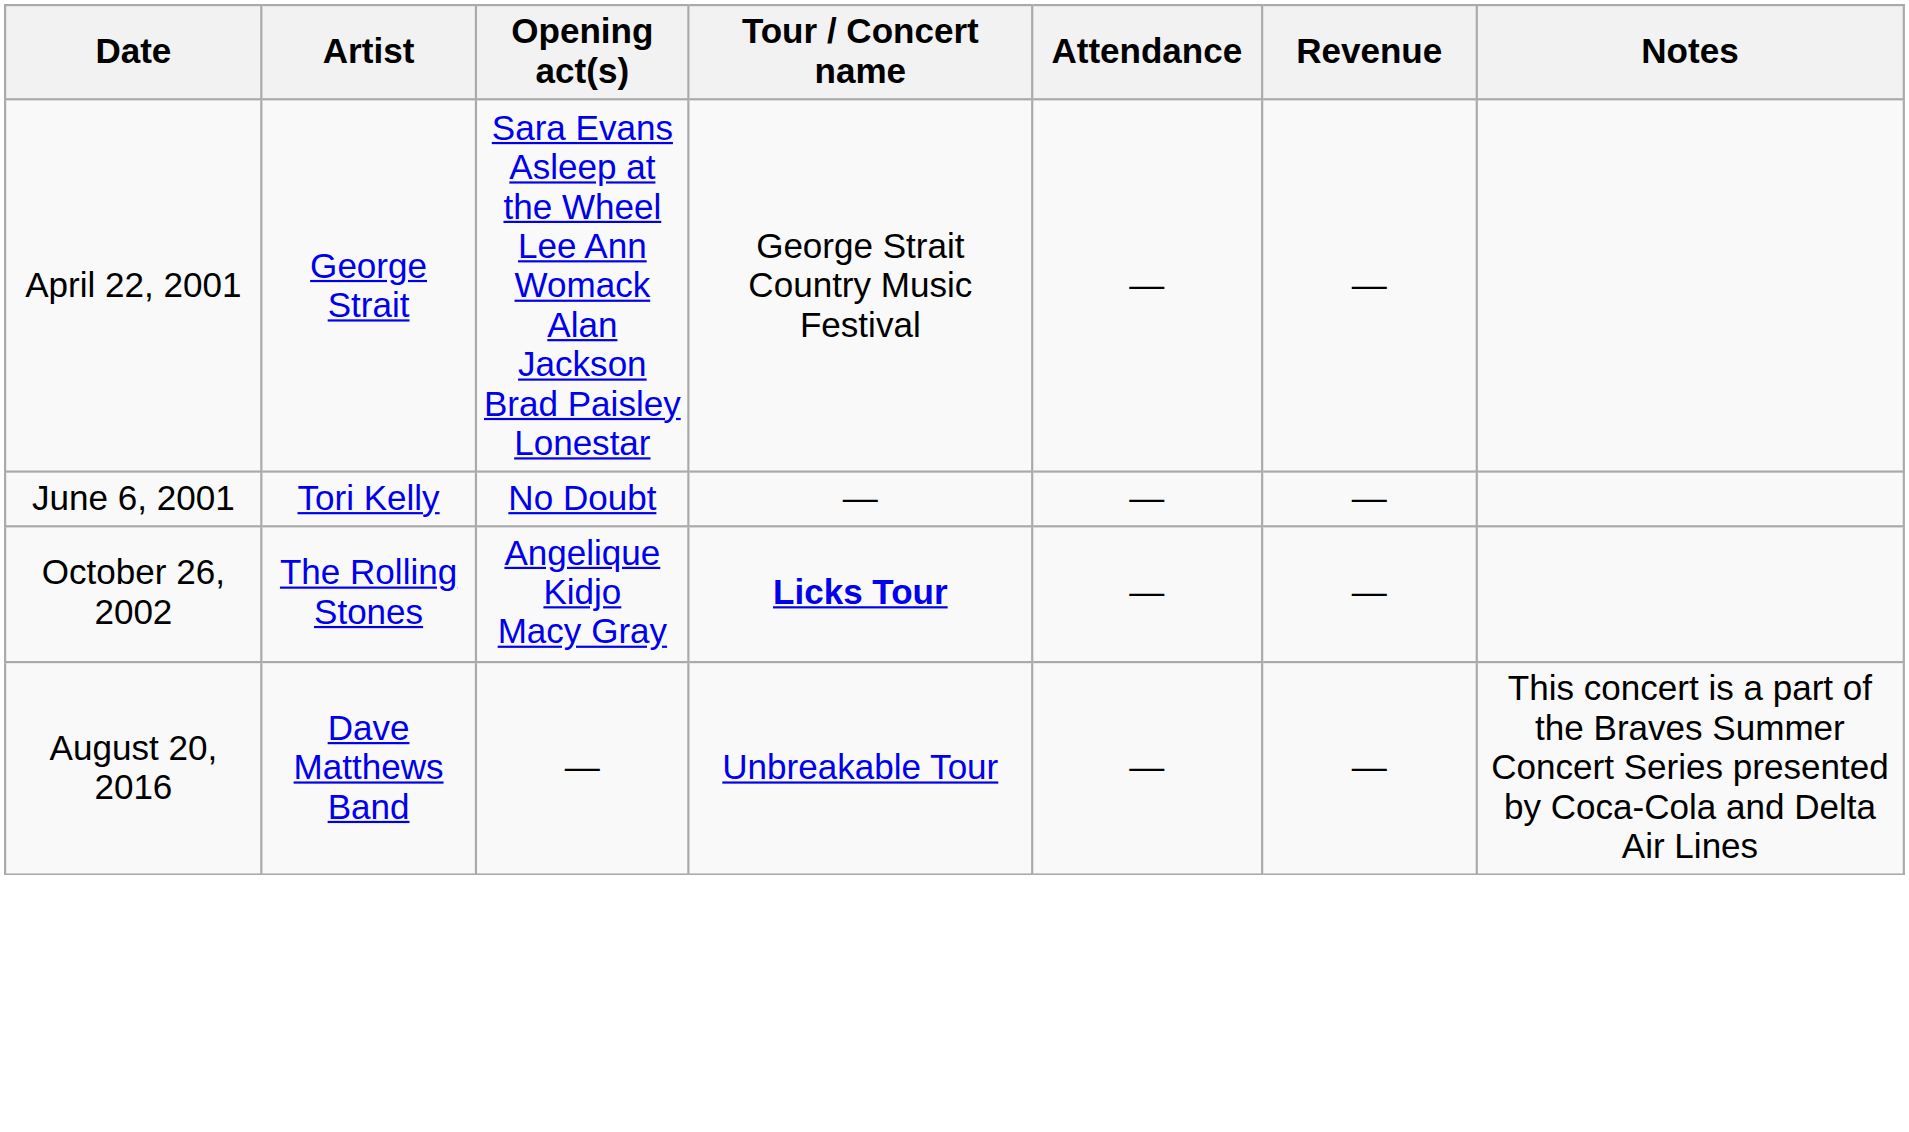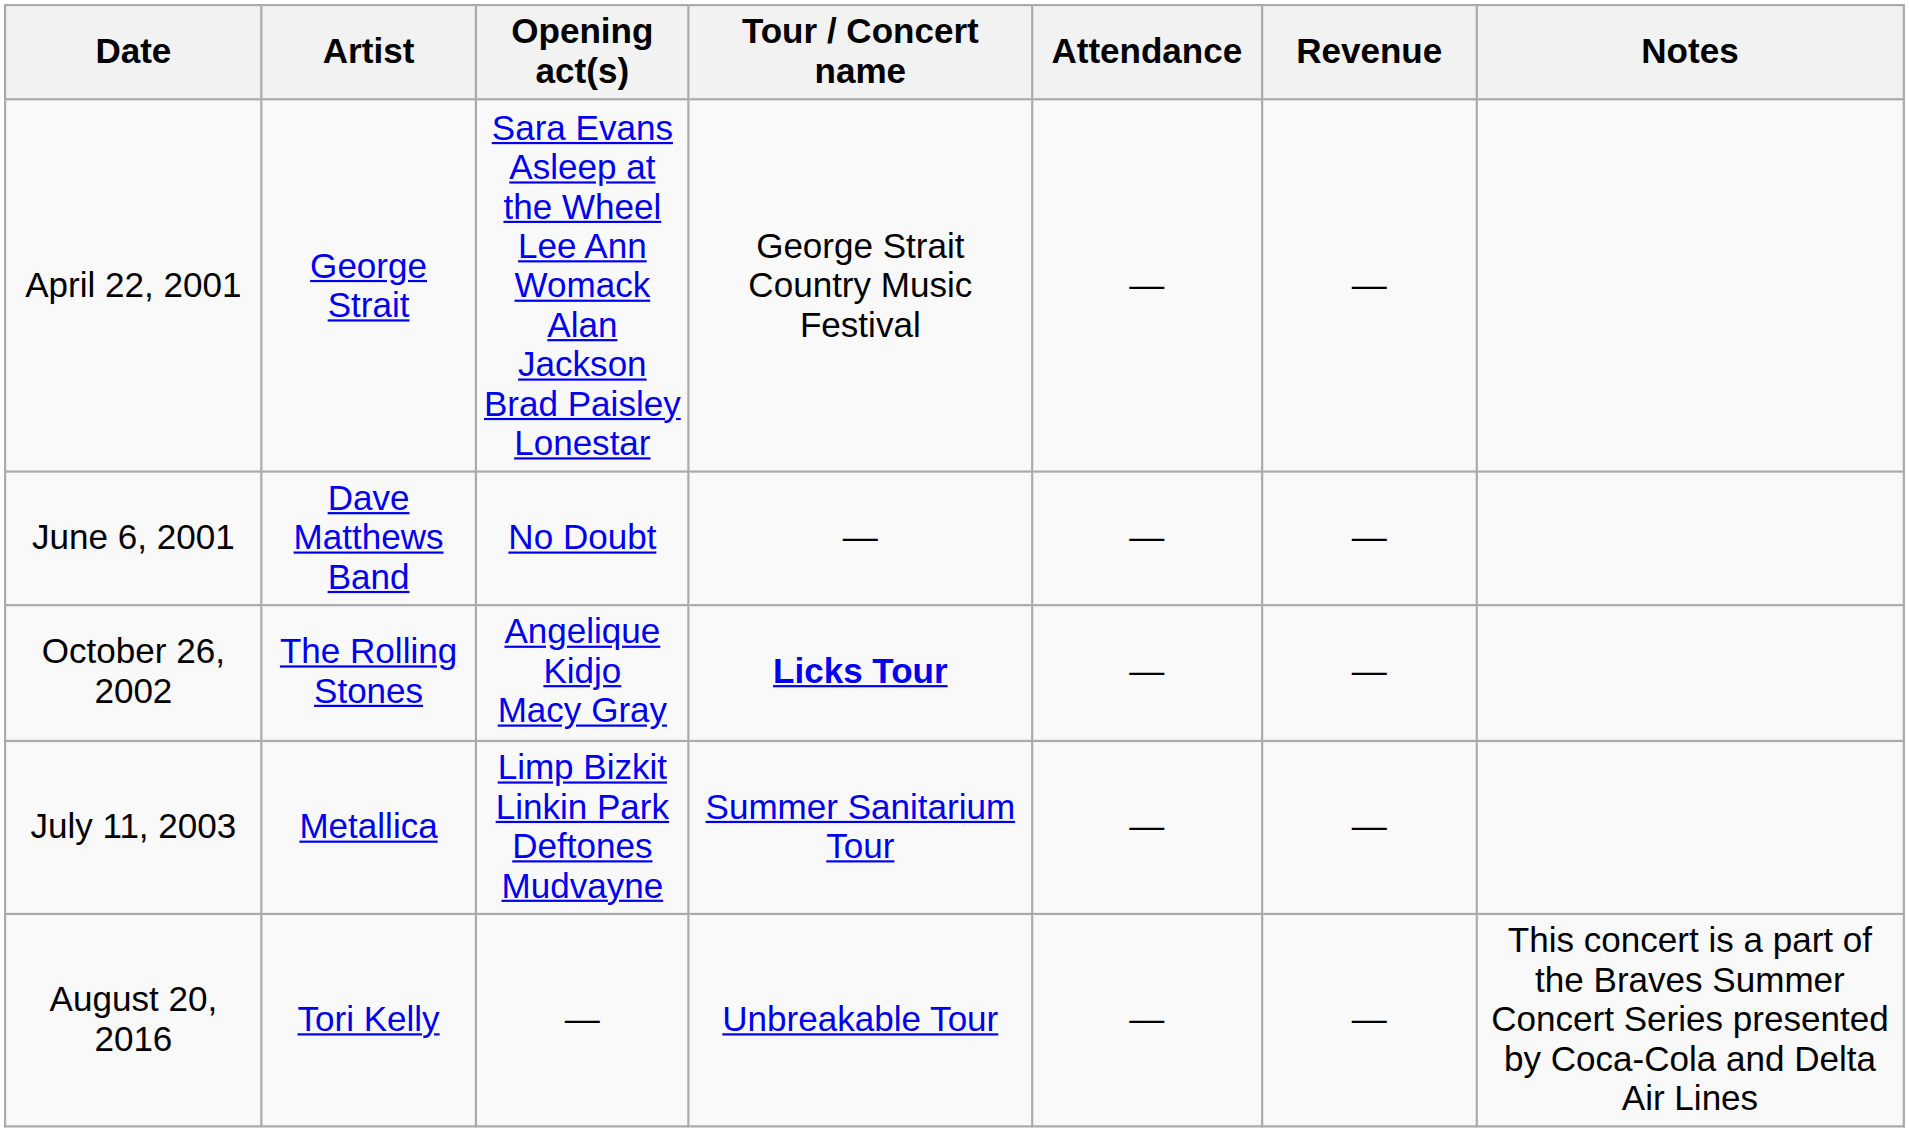 <table class="wikitable" style="text-align:center;">
 <tr>
 <th width=12% style="text-align:center;">Date</th>
 <th width=10% style="text-align:center;">Artist</th>
 <th width=10% style="text-align:center;">Opening act(s)</th>
 <th width=16% style="text-align:center;">Tour / Concert name</th>
 <th width=10% style="text-align:center;">Attendance</th>
 <th width=10% style="text-align:center;">Revenue</th>
 <th width=20% style="text-align:center;">Notes</th>
 </tr>
 <tr>
 <td>April 22, 2001</td>
 <td><a href='#'>George Strait</a></td>
 <td><a href='#'>Sara Evans</a><br><a href='#'>Asleep at the Wheel</a><br><a href='#'>Lee Ann Womack</a><br><a href='#'>Alan Jackson</a><br><a href='#'>Brad Paisley</a><br><a href='#'>Lonestar</a></td>
 <td>George Strait Country Music Festival</td>
 <td>—</td>
 <td>—</td>
 <td></td>
 </tr>
 <tr>
 <td>June 6, 2001</td>
-<td><a href='#'>Tori Kelly</a></td>
+<td><a href='#'>Dave Matthews Band</a></td>
 <td><a href='#'>No Doubt</a></td>
 <td>—</td>
 <td>—</td>
 <td>—</td>
 <td></td>
 </tr>
 <tr>
 <td>October 26, 2002</td>
 <td><a href='#'>The Rolling Stones</a></td>
 <td><a href='#'>Angelique Kidjo</a><br><a href='#'>Macy Gray</a></td>
 <td><strong><a href='#'>Licks Tour</a></strong></td>
 <td>—</td>
 <td>—</td>
 <td></td>
 </tr>
 <tr>
+<td>July 11, 2003</td>
+<td><a href='#'>Metallica</a></td>
+<td><a href='#'>Limp Bizkit</a><br><a href='#'>Linkin Park</a><br><a href='#'>Deftones</a><br><a href='#'>Mudvayne</a></td>
+<td><a href='#'>Summer Sanitarium Tour</a></td>
+<td>—</td>
+<td>—</td>
+<td></td>
+</tr>
+<tr>
 <td>August 20, 2016</td>
-<td><a href='#'>Dave Matthews Band</a></td>
+<td><a href='#'>Tori Kelly</a></td>
 <td>—</td>
 <td><a href='#'>Unbreakable Tour</a></td>
 <td>—</td>
 <td>—</td>
 <td>This concert is a part of the Braves Summer Concert Series presented by Coca-Cola and Delta Air Lines</td>
 </tr>
 </table>
